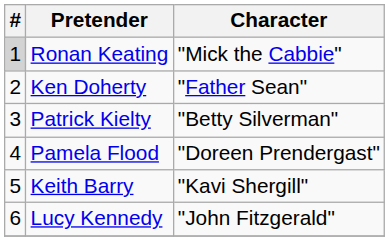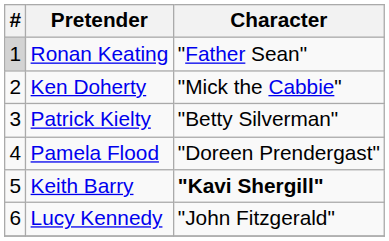 <table class="wikitable">
 <tr>
 <th>#</th>
 <th>Pretender</th>
 <th>Character</th>
 </tr>
 <tr>
 <td style="background: lightgrey;">1</td>
 <td><a href='#'>Ronan Keating</a></td>
-<td>"Mick the <a href='#'>Cabbie</a>"</td>
+<td>"<a href='#'>Father</a> Sean"</td>
 </tr>
 <tr>
 <td>2</td>
 <td><a href='#'>Ken Doherty</a></td>
-<td>"<a href='#'>Father</a> Sean"</td>
+<td>"Mick the <a href='#'>Cabbie</a>"</td>
 </tr>
 <tr>
 <td>3</td>
 <td><a href='#'>Patrick Kielty</a></td>
 <td>"Betty Silverman"</td>
 </tr>
 <tr>
 <td>4</td>
 <td><a href='#'>Pamela Flood</a></td>
 <td>"Doreen Prendergast"</td>
 </tr>
 <tr>
 <td>5</td>
 <td><a href='#'>Keith Barry</a></td>
-<td>"Kavi Shergill"</td>
+<td><strong>"Kavi Shergill"</strong></td>
 </tr>
 <tr>
 <td>6</td>
 <td><a href='#'>Lucy Kennedy</a></td>
 <td>"John Fitzgerald"</td>
 </tr>
 <tr>
 </tr>
 </table>
